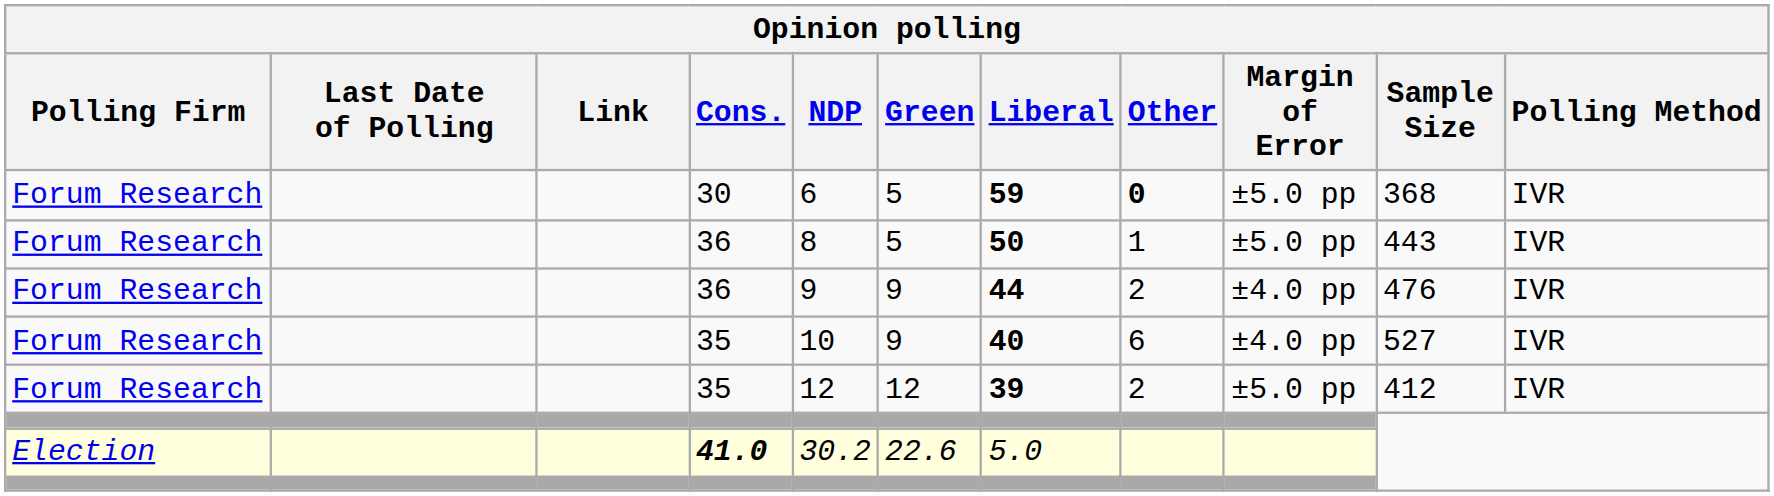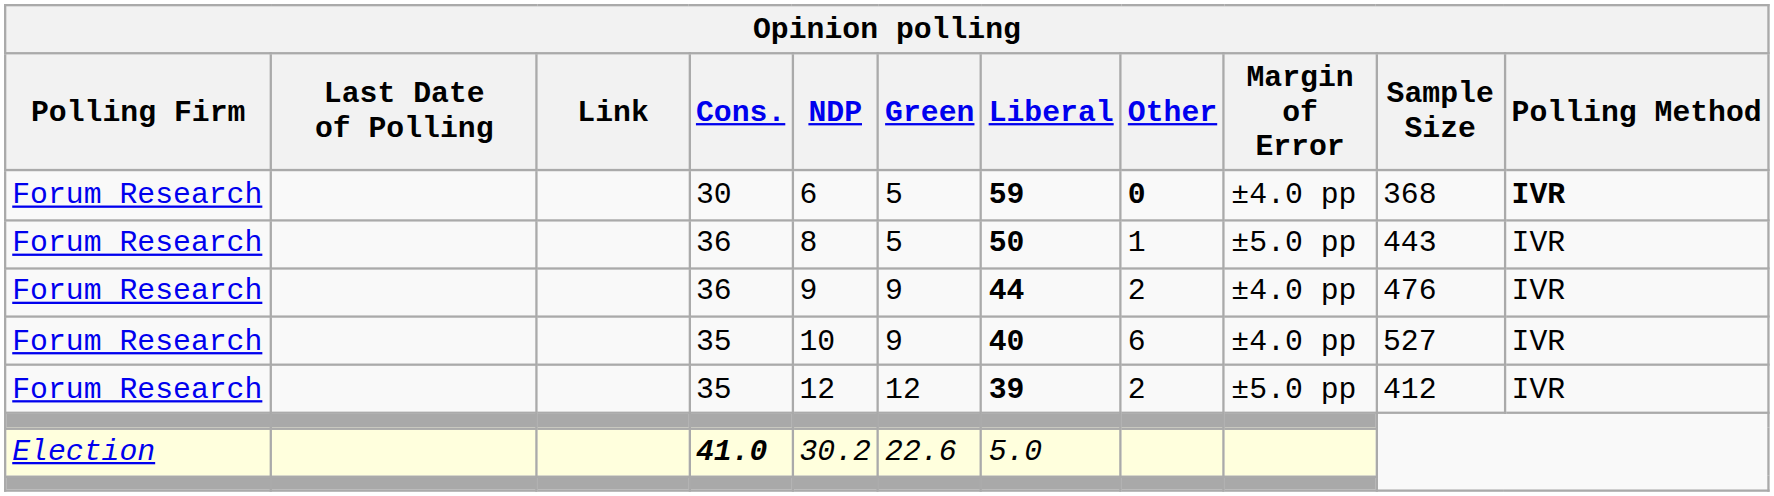 <table class="wikitable collapsible sortable collapsed">
 <tr style="background:#e9e9e9;">
 <th style="width:640px,;" colspan="11">Opinion polling</th>
 </tr>
 <tr style="background:#e9e9e9;">
 <th style="width:110px">Polling Firm</th>
 <th style="width:110px">Last Date<br>of Polling</th>
 <th style="width:60px" class="unsortable">Link</th>
 <th style="background-color:"><a href='#'>Cons.</a></th>
 <th style="background-color:"><a href='#'>NDP</a></th>
 <th style="background-color:"><a href='#'>Green</a></th>
 <th style="background-color:"><a href='#'>Liberal</a></th>
 <th style="background-color:"><a href='#'>Other</a></th>
 <th style="width:60px;" class=unsortable>Margin<br>of Error</th>
 <th style="width:50px;" class=unsortable>Sample<br>Size</th>
 <th class=unsortable>Polling Method</th>
 </tr>
 <tr>
 <td><a href='#'>Forum Research</a></td>
 <td></td>
 <td></td>
 <td>30</td>
 <td>6</td>
 <td>5</td>
 <td><strong>59</strong></td>
 <td><strong>0</strong></td>
-<td>±5.0 pp</td>
+<td>±4.0 pp</td>
 <td>368</td>
-<td>IVR</td>
+<td><strong>IVR</strong></td>
 </tr>
 <tr>
 <td><a href='#'>Forum Research</a></td>
 <td></td>
 <td></td>
 <td>36</td>
 <td>8</td>
 <td>5</td>
 <td><strong>50</strong></td>
 <td>1</td>
 <td>±5.0 pp</td>
 <td>443</td>
 <td>IVR</td>
 </tr>
 <tr>
 <td><a href='#'>Forum Research</a></td>
 <td></td>
 <td></td>
 <td>36</td>
 <td>9</td>
 <td>9</td>
 <td><strong>44</strong></td>
 <td>2</td>
 <td>±4.0 pp</td>
 <td>476</td>
 <td>IVR</td>
 </tr>
 <tr>
 <td><a href='#'>Forum Research</a></td>
 <td></td>
 <td></td>
 <td>35</td>
 <td>10</td>
 <td>9</td>
 <td><strong>40</strong></td>
 <td>6</td>
 <td>±4.0 pp</td>
 <td>527</td>
 <td>IVR</td>
 </tr>
 <tr>
 <td><a href='#'>Forum Research</a></td>
 <td></td>
 <td></td>
 <td>35</td>
 <td>12</td>
 <td>12</td>
 <td><strong>39</strong></td>
 <td>2</td>
 <td>±5.0 pp</td>
 <td>412</td>
 <td>IVR</td>
 </tr>
 <tr style="background:Darkgrey;">
 <td></td>
 <td></td>
 <td></td>
 <td></td>
 <td></td>
 <td></td>
 <td></td>
 <td></td>
 <td></td>
 </tr>
 <tr>
 <td style="background:#ffd;"><em><a href='#'>Election</a></em></td>
 <td style="background:#ffd;"></td>
 <td style="background:#ffd;"></td>
 <td style="background:#ffd;"><strong><em>41.0</em></strong></td>
 <td style="background:#ffd;"><em>30.2</em></td>
 <td style="background:#ffd;"><em>22.6</em></td>
 <td style="background:#ffd;"><em>5.0</em></td>
 <td style="background:#ffd;"></td>
 <td style="background:#ffd;"></td>
 </tr>
 <tr style="background:Darkgrey;">
 <td></td>
 <td></td>
 <td></td>
 <td></td>
 <td></td>
 <td></td>
 <td></td>
 <td></td>
 <td></td>
 </tr>
 </table>
